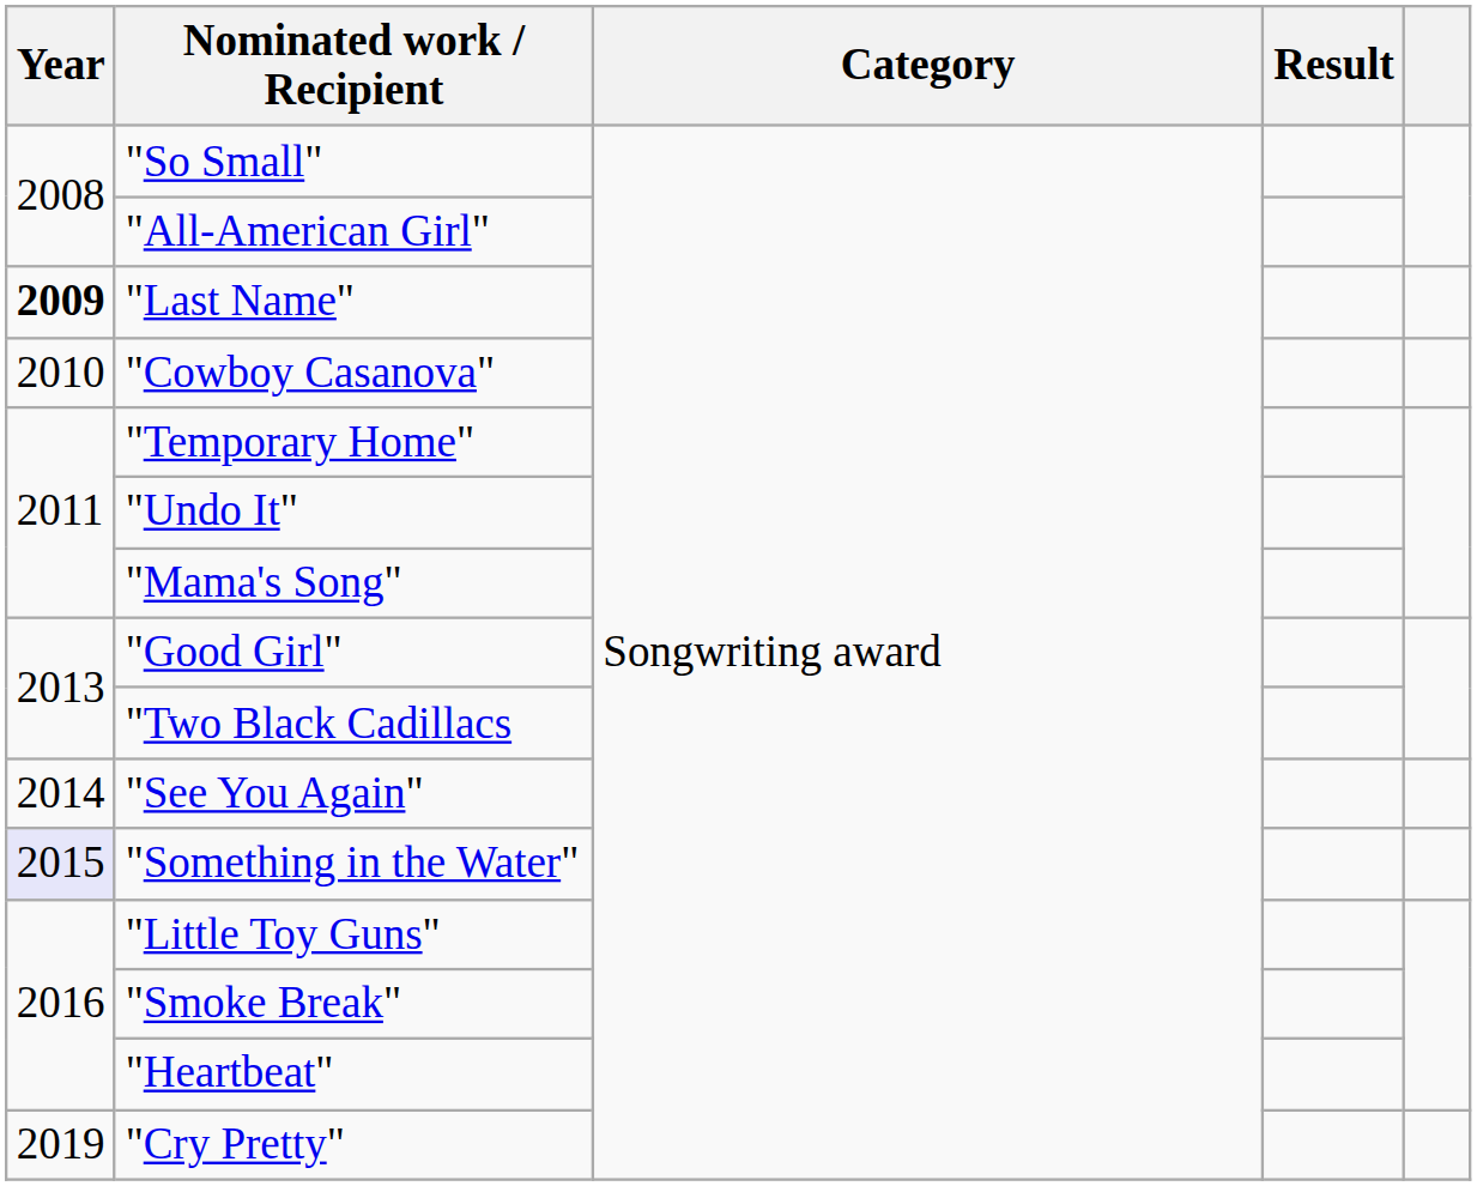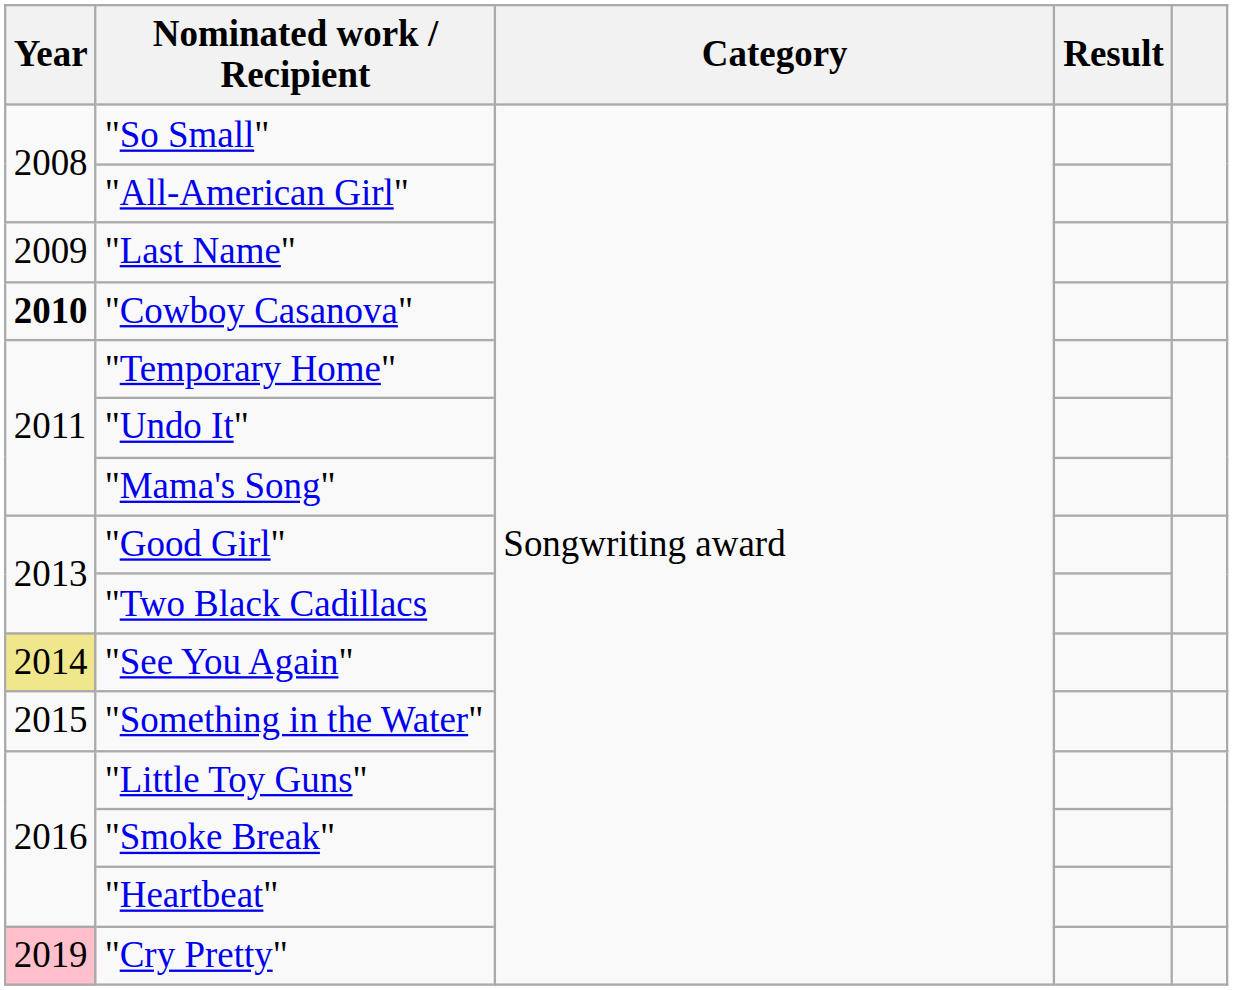 <table class="wikitable plainrowheaders" style="width:85%;">
 <tr>
 <th scope="col" style="width:4%;">Year</th>
 <th scope="col" style="width:35%;">Nominated work / Recipient</th>
 <th scope="col" style="width:50%;">Category</th>
 <th scope="col" style="width:6%;">Result</th>
 <th scope="col" style="width:6%;"></th>
 </tr>
 <tr>
 <td rowspan=2>2008</td>
 <td>"<a href='#'>So Small</a>"</td>
 <td rowspan=15>Songwriting award</td>
 <td></td>
 <td rowspan=2></td>
 </tr>
 <tr>
 <td>"<a href='#'>All-American Girl</a>"</td>
 <td></td>
 </tr>
 <tr>
-<td><strong>2009</strong></td>
+<td>2009</td>
 <td>"<a href='#'>Last Name</a>"</td>
 <td></td>
 <td></td>
 </tr>
 <tr>
-<td>2010</td>
+<td><strong>2010</strong></td>
 <td>"<a href='#'>Cowboy Casanova</a>"</td>
 <td></td>
 <td></td>
 </tr>
 <tr>
 <td rowspan=3>2011</td>
 <td>"<a href='#'>Temporary Home</a>"</td>
 <td></td>
 <td rowspan=3></td>
 </tr>
 <tr>
 <td>"<a href='#'>Undo It</a>"</td>
 <td></td>
 </tr>
 <tr>
 <td>"<a href='#'>Mama's Song</a>"</td>
 <td></td>
 </tr>
 <tr>
 <td rowspan=2>2013</td>
 <td>"<a href='#'>Good Girl</a>"</td>
 <td></td>
 <td rowspan=2></td>
 </tr>
 <tr>
 <td>"<a href='#'>Two Black Cadillacs</a></td>
 <td></td>
 </tr>
 <tr>
-<td>2014</td>
+<td style="background: khaki;">2014</td>
 <td>"<a href='#'>See You Again</a>"</td>
 <td></td>
 <td></td>
 </tr>
 <tr>
-<td style="background: lavender;">2015</td>
+<td>2015</td>
 <td>"<a href='#'>Something in the Water</a>"</td>
 <td></td>
 <td></td>
 </tr>
 <tr>
 <td rowspan=3>2016</td>
 <td>"<a href='#'>Little Toy Guns</a>"</td>
 <td></td>
 <td rowspan=3></td>
 </tr>
 <tr>
 <td>"<a href='#'>Smoke Break</a>"</td>
 <td></td>
 </tr>
 <tr>
 <td>"<a href='#'>Heartbeat</a>"</td>
 <td></td>
 </tr>
 <tr>
-<td>2019</td>
+<td style="background: pink;">2019</td>
 <td>"<a href='#'>Cry Pretty</a>"</td>
 <td></td>
 <td></td>
 </tr>
 </table>
